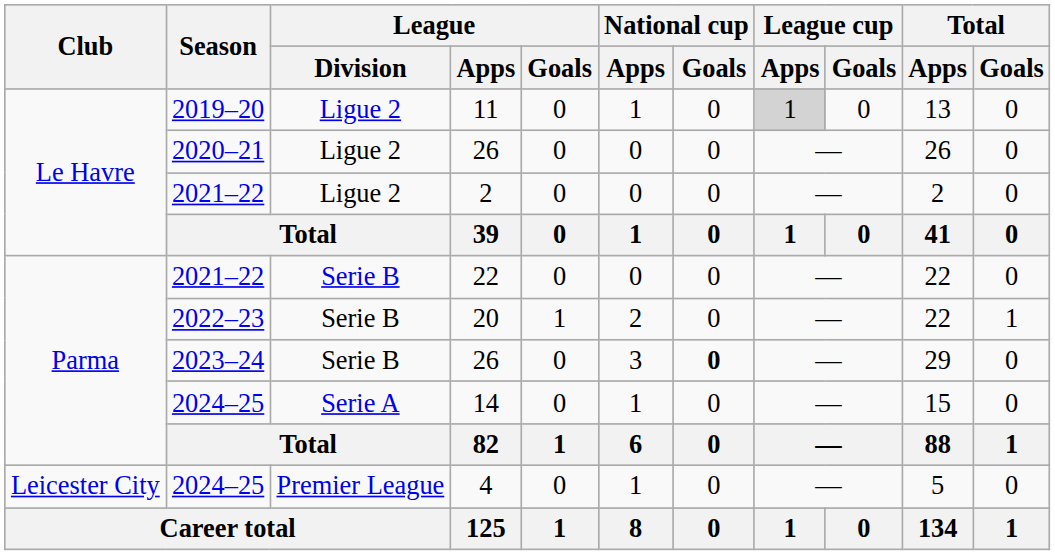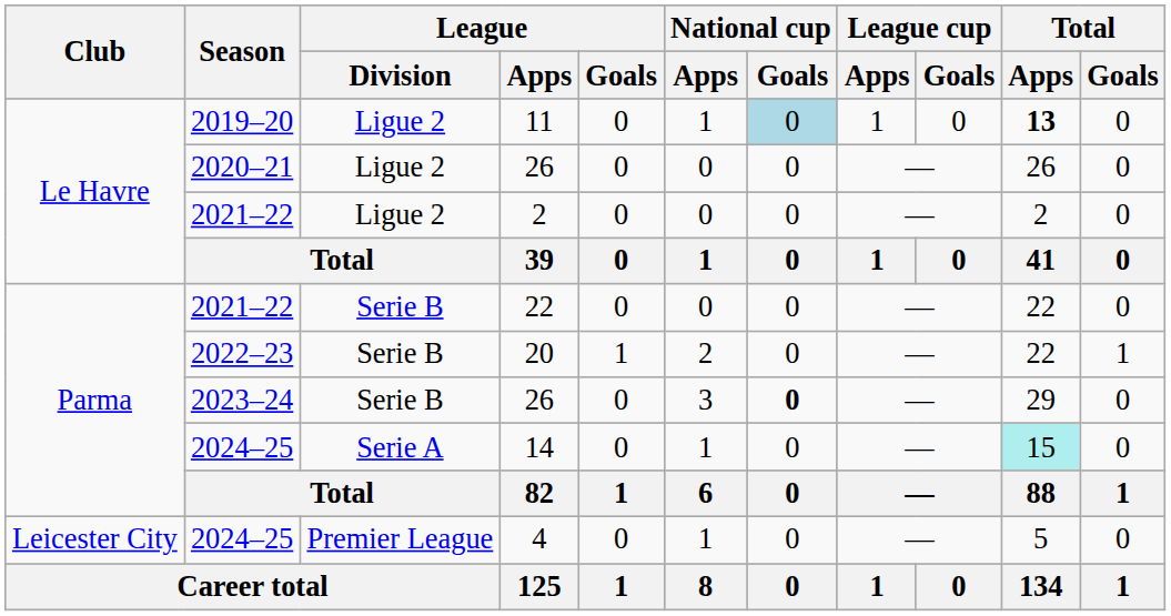 <table class="wikitable" style="text-align: center;">
 <tr>
 <th rowspan="2">Club</th>
 <th rowspan="2">Season</th>
 <th colspan="3">League</th>
 <th colspan="2">National cup</th>
 <th colspan="2">League cup</th>
 <th colspan="2">Total</th>
 </tr>
 <tr>
 <th>Division</th>
 <th>Apps</th>
 <th>Goals</th>
 <th>Apps</th>
 <th>Goals</th>
 <th>Apps</th>
 <th>Goals</th>
 <th>Apps</th>
 <th>Goals</th>
 </tr>
 <tr>
 <td rowspan="4"><a href='#'>Le Havre</a></td>
 <td><a href='#'>2019–20</a></td>
 <td><a href='#'>Ligue 2</a></td>
 <td>11</td>
 <td>0</td>
 <td>1</td>
+<td style="background: lightblue;">0</td>
+<td>1</td>
 <td>0</td>
-<td style="background: lightgrey;">1</td>
-<td>0</td>
-<td>13</td>
+<td><strong>13</strong></td>
 <td>0</td>
 </tr>
 <tr>
 <td><a href='#'>2020–21</a></td>
 <td>Ligue 2</td>
 <td>26</td>
 <td>0</td>
 <td>0</td>
 <td>0</td>
 <td colspan="2">—</td>
 <td>26</td>
 <td>0</td>
 </tr>
 <tr>
 <td><a href='#'>2021–22</a></td>
 <td>Ligue 2</td>
 <td>2</td>
 <td>0</td>
 <td>0</td>
 <td>0</td>
 <td colspan="2">—</td>
 <td>2</td>
 <td>0</td>
 </tr>
 <tr>
 <th colspan="2">Total</th>
 <th>39</th>
 <th>0</th>
 <th>1</th>
 <th>0</th>
 <th>1</th>
 <th>0</th>
 <th>41</th>
 <th>0</th>
 </tr>
 <tr>
 <td rowspan="5"><a href='#'>Parma</a></td>
 <td><a href='#'>2021–22</a></td>
 <td><a href='#'>Serie B</a></td>
 <td>22</td>
 <td>0</td>
 <td>0</td>
 <td>0</td>
 <td colspan="2">—</td>
 <td>22</td>
 <td>0</td>
 </tr>
 <tr>
 <td><a href='#'>2022–23</a></td>
 <td>Serie B</td>
 <td>20</td>
 <td>1</td>
 <td>2</td>
 <td>0</td>
 <td colspan="2">—</td>
 <td>22</td>
 <td>1</td>
 </tr>
 <tr>
 <td><a href='#'>2023–24</a></td>
 <td>Serie B</td>
 <td>26</td>
 <td>0</td>
 <td>3</td>
 <td><strong>0</strong></td>
 <td colspan="2">—</td>
 <td>29</td>
 <td>0</td>
 </tr>
 <tr>
 <td><a href='#'>2024–25</a></td>
 <td><a href='#'>Serie A</a></td>
 <td>14</td>
 <td>0</td>
 <td>1</td>
 <td>0</td>
 <td colspan="2">—</td>
-<td>15</td>
+<td style="background: paleturquoise;">15</td>
 <td>0</td>
 </tr>
 <tr>
 <th colspan="2">Total</th>
 <th>82</th>
 <th>1</th>
 <th>6</th>
 <th>0</th>
 <th colspan=2>—</th>
 <th>88</th>
 <th>1</th>
 </tr>
 <tr>
 <td><a href='#'>Leicester City</a></td>
 <td><a href='#'>2024–25</a></td>
 <td><a href='#'>Premier League</a></td>
 <td>4</td>
 <td>0</td>
 <td>1</td>
 <td>0</td>
 <td colspan="2">—</td>
 <td>5</td>
 <td>0</td>
 </tr>
 <tr>
 <th colspan="3">Career total</th>
 <th>125</th>
 <th>1</th>
 <th>8</th>
 <th>0</th>
 <th>1</th>
 <th>0</th>
 <th>134</th>
 <th>1</th>
 </tr>
 </table>
